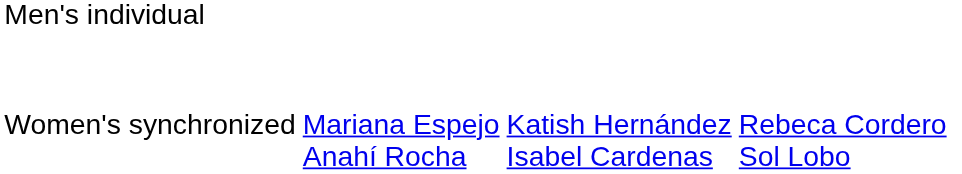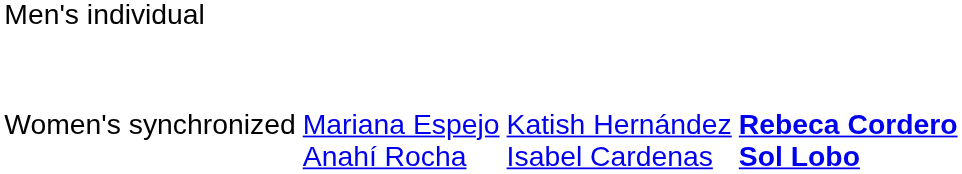 <table>
 <tr>
 <td>Men's individual<br></td>
 <td></td>
 <td></td>
 <td></td>
 </tr>
 <tr>
 <td><br></td>
 <td></td>
 <td></td>
 <td></td>
 </tr>
 <tr>
 <td>Women's synchronized<br></td>
 <td><br><a href='#'>Mariana Espejo</a><br><a href='#'>Anahí Rocha</a></td>
 <td><br><a href='#'>Katish Hernández</a><br><a href='#'>Isabel Cardenas</a></td>
-<td><br><a href='#'>Rebeca Cordero</a><br><a href='#'>Sol Lobo</a></td>
+<td><strong><br><a href='#'>Rebeca Cordero</a><br><a href='#'>Sol Lobo</a></strong></td>
 </tr>
 </table>
